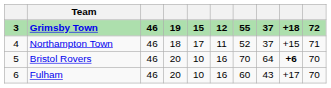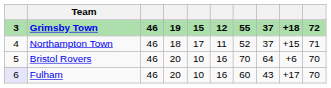 <table class="wikitable" style="text-align:center">
 <tr>
 <th width="30"></th>
 <th width="175">Team</th>
 <th width="30"></th>
 <th width="30"></th>
 <th width="30"></th>
 <th width="30"></th>
 <th width="30"></th>
 <th width="30"></th>
 <th width="30"></th>
 <th width="30"></th>
 </tr>
 <tr style="background:#addfad;">
 <td><strong>3</strong></td>
 <td align=left><strong><a href='#'>Grimsby Town</a></strong></td>
 <td><strong>46</strong></td>
 <td><strong>19</strong></td>
 <td><strong>15</strong></td>
 <td><strong>12</strong></td>
 <td><strong>55</strong></td>
 <td><strong>37</strong></td>
 <td><strong>+18</strong></td>
 <td><strong>72</strong></td>
 </tr>
 <tr>
 <td>4</td>
 <td align=left><a href='#'>Northampton Town</a></td>
 <td>46</td>
 <td>18</td>
 <td>17</td>
 <td>11</td>
 <td>52</td>
 <td>37</td>
 <td>+15</td>
 <td>71</td>
 </tr>
 <tr>
 <td>5</td>
 <td align=left><a href='#'>Bristol Rovers</a></td>
 <td>46</td>
 <td>20</td>
 <td>10</td>
 <td>16</td>
 <td>70</td>
 <td>64</td>
-<td><strong>+6</strong></td>
+<td>+6</td>
 <td>70</td>
 </tr>
 <tr>
-<td>6</td>
+<td style="background: lavender;">6</td>
 <td align=left><a href='#'>Fulham</a></td>
 <td>46</td>
 <td>20</td>
 <td>10</td>
 <td>16</td>
 <td>60</td>
 <td>43</td>
 <td>+17</td>
 <td>70</td>
 </tr>
 </table>
